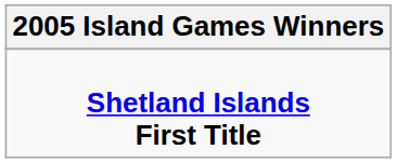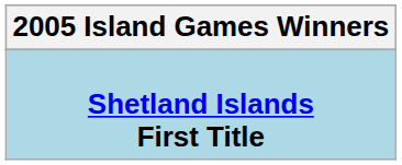 <table class="wikitable" style="text-align: center; margin: 0 auto;">
 <tr>
 <th>2005 Island Games Winners</th>
 </tr>
 <tr>
 </tr>
 <tr>
-<td><br><strong><a href='#'>Shetland Islands</a></strong><br><strong>First Title</strong></td>
+<td style="background: lightblue;"><br><strong><a href='#'>Shetland Islands</a></strong><br><strong>First Title</strong></td>
 </tr>
 </table>
